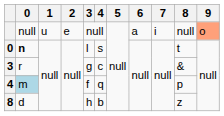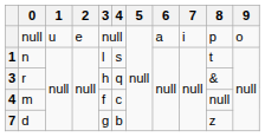 <table class="wikitable">
 <tr>
 <th> </th>
 <th>0</th>
 <th>1</th>
 <th>2</th>
 <th>3</th>
 <th>4</th>
 <th>5</th>
 <th>6</th>
 <th>7</th>
 <th>8</th>
 <th>9</th>
 </tr>
 <tr>
 <th> </th>
 <td>null</td>
 <td>u</td>
 <td>e</td>
 <td colspan="2">null</td>
 <td rowspan="5">null</td>
 <td>a</td>
 <td>i</td>
-<td>null</td>
-<td style="background: lightsalmon;">o</td>
+<td>p</td>
+<td>o</td>
 </tr>
 <tr>
-<th>0</th>
-<td><strong>n</strong></td>
+<th>1</th>
+<td>n</td>
 <td rowspan="4">null</td>
 <td rowspan="4">null</td>
 <td>l</td>
 <td>s</td>
 <td rowspan="4">null</td>
 <td rowspan="4">null</td>
 <td>t</td>
 <td rowspan="4">null</td>
 </tr>
 <tr>
 <th>3</th>
 <td>r</td>
-<td>g</td>
-<td>c</td>
+<td>h</td>
+<td>q</td>
 <td>&</td>
 </tr>
 <tr>
 <th>4</th>
-<td style="background: lightblue;">m</td>
+<td>m</td>
 <td>f</td>
-<td>q</td>
-<td>p</td>
+<td>c</td>
+<td>null</td>
 </tr>
 <tr>
-<th>8</th>
+<th>7</th>
 <td>d</td>
-<td>h</td>
+<td>g</td>
 <td>b</td>
 <td>z</td>
 </tr>
 </table>
